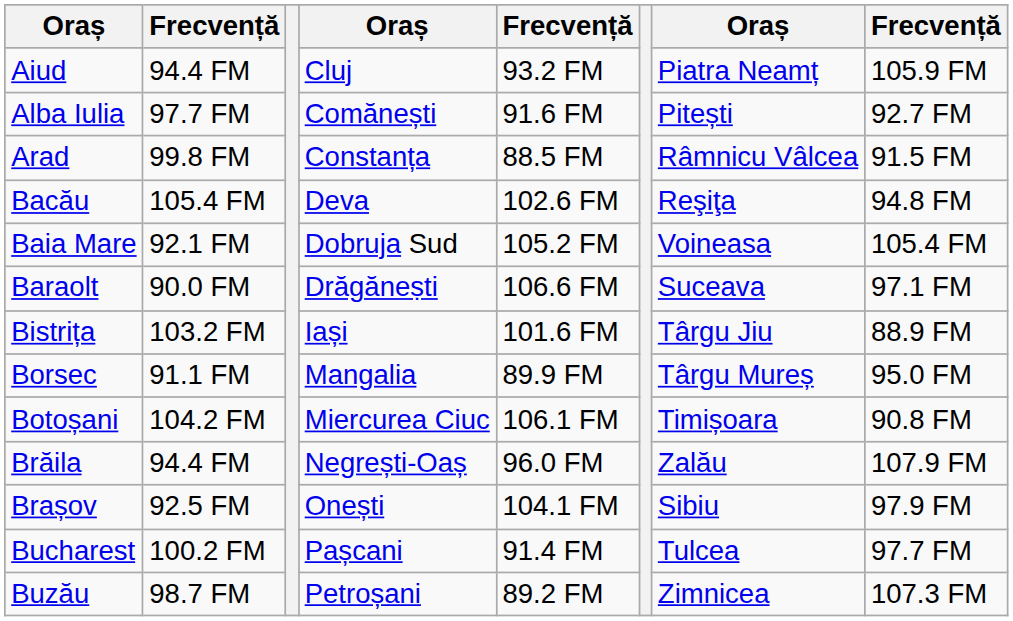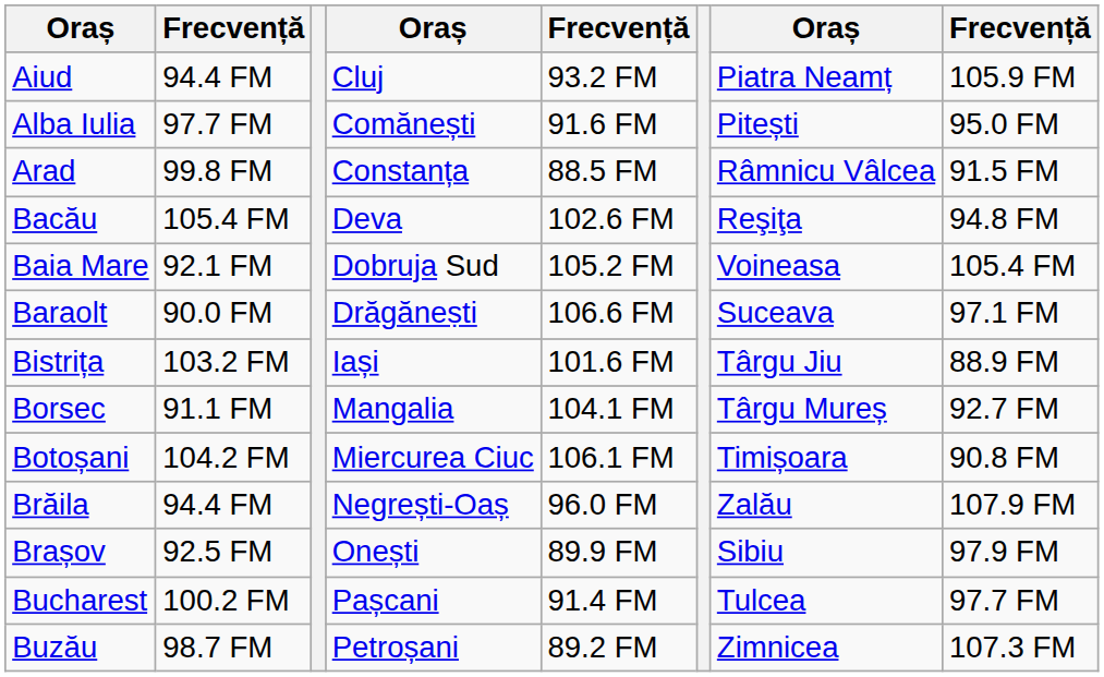 <table class="wikitable">
 <tr>
 <th>Oraș</th>
 <th>Frecvență</th>
 <th rowspan="14"></th>
 <th>Oraș</th>
 <th>Frecvență</th>
 <th rowspan="14"></th>
 <th>Oraș</th>
 <th>Frecvență</th>
 </tr>
 <tr>
 <td><a href='#'>Aiud</a></td>
 <td>94.4 FM</td>
 <td><a href='#'>Cluj</a></td>
 <td>93.2 FM</td>
 <td><a href='#'>Piatra Neamț</a></td>
 <td>105.9 FM</td>
 </tr>
 <tr>
 <td><a href='#'>Alba Iulia</a></td>
 <td>97.7 FM</td>
 <td><a href='#'>Comănești</a></td>
 <td>91.6 FM</td>
 <td><a href='#'>Pitești</a></td>
-<td>92.7 FM</td>
+<td>95.0 FM</td>
 </tr>
 <tr>
 <td><a href='#'>Arad</a></td>
 <td>99.8 FM</td>
 <td><a href='#'>Constanța</a></td>
 <td>88.5 FM</td>
 <td><a href='#'>Râmnicu Vâlcea</a></td>
 <td>91.5 FM</td>
 </tr>
 <tr>
 <td><a href='#'>Bacău</a></td>
 <td>105.4 FM</td>
 <td><a href='#'>Deva</a></td>
 <td>102.6 FM</td>
 <td><a href='#'>Reşiţa</a></td>
 <td>94.8 FM</td>
 </tr>
 <tr>
 <td><a href='#'>Baia Mare</a></td>
 <td>92.1 FM</td>
 <td><a href='#'>Dobruja</a> Sud</td>
 <td>105.2 FM</td>
 <td><a href='#'>Voineasa</a></td>
 <td>105.4 FM</td>
 </tr>
 <tr>
 <td><a href='#'>Baraolt</a></td>
 <td>90.0 FM</td>
 <td><a href='#'>Drăgăneṣti</a></td>
 <td>106.6 FM</td>
 <td><a href='#'>Suceava</a></td>
 <td>97.1 FM</td>
 </tr>
 <tr>
 <td><a href='#'>Bistrița</a></td>
 <td>103.2 FM</td>
 <td><a href='#'>Iași</a></td>
 <td>101.6 FM</td>
 <td><a href='#'>Târgu Jiu</a></td>
 <td>88.9 FM</td>
 </tr>
 <tr>
 <td><a href='#'>Borsec</a></td>
 <td>91.1 FM</td>
 <td><a href='#'>Mangalia</a></td>
-<td>89.9 FM</td>
+<td>104.1 FM</td>
 <td><a href='#'>Târgu Mureș</a></td>
-<td>95.0 FM</td>
+<td>92.7 FM</td>
 </tr>
 <tr>
 <td><a href='#'>Botoșani</a></td>
 <td>104.2 FM</td>
 <td><a href='#'>Miercurea Ciuc</a></td>
 <td>106.1 FM</td>
 <td><a href='#'>Timișoara</a></td>
 <td>90.8 FM</td>
 </tr>
 <tr>
 <td><a href='#'>Brăila</a></td>
 <td>94.4 FM</td>
 <td><a href='#'>Negrești-Oaș</a></td>
 <td>96.0 FM</td>
 <td><a href='#'>Zalău</a></td>
 <td>107.9 FM</td>
 </tr>
 <tr>
 <td><a href='#'>Brașov</a></td>
 <td>92.5 FM</td>
 <td><a href='#'>Onești</a></td>
-<td>104.1 FM</td>
+<td>89.9 FM</td>
 <td><a href='#'>Sibiu</a></td>
 <td>97.9 FM</td>
 </tr>
 <tr>
 <td><a href='#'>Bucharest</a></td>
 <td>100.2 FM</td>
 <td><a href='#'>Pașcani</a></td>
 <td>91.4 FM</td>
 <td><a href='#'>Tulcea</a></td>
 <td>97.7 FM</td>
 </tr>
 <tr>
 <td><a href='#'>Buzău</a></td>
 <td>98.7 FM</td>
 <td><a href='#'>Petroșani</a></td>
 <td>89.2 FM</td>
 <td><a href='#'>Zimnicea</a></td>
 <td>107.3 FM</td>
 </tr>
 </table>
